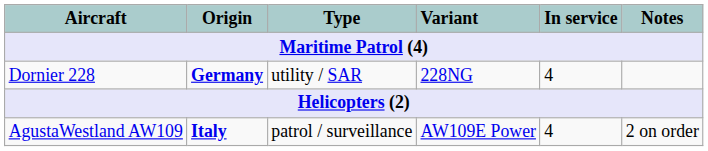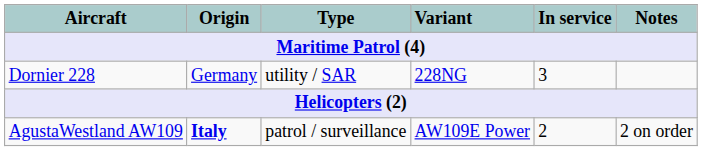 <table class="wikitable">
 <tr>
 <th style="text-align:center; background:#acc;">Aircraft</th>
 <th style="text-align: center; background:#acc;">Origin</th>
 <th style="text-align:l center; background:#acc;">Type</th>
 <th style="text-align:left; background:#acc;">Variant</th>
 <th style="text-align:center; background:#acc;">In service</th>
 <th style="text-align: center; background:#acc;">Notes</th>
 </tr>
 <tr>
 <th style="align: center; background: lavender;" colspan="7"><a href='#'>Maritime Patrol</a> (4)</th>
 </tr>
 <tr>
 <td><a href='#'>Dornier 228</a></td>
-<td><strong><a href='#'>Germany</a></strong></td>
+<td><a href='#'>Germany</a></td>
 <td>utility / <a href='#'>SAR</a></td>
 <td><a href='#'>228NG</a></td>
-<td>4</td>
+<td>3</td>
 <td></td>
 </tr>
 <tr>
 <th style="align: center; background: lavender;" colspan="7"><a href='#'>Helicopters</a> (2)</th>
 </tr>
 <tr>
 <td><a href='#'>AgustaWestland AW109</a></td>
 <td><strong><a href='#'>Italy</a></strong></td>
 <td>patrol / surveillance</td>
 <td><a href='#'>AW109E Power</a></td>
-<td>4</td>
+<td>2</td>
 <td>2 on order</td>
 </tr>
 </table>
